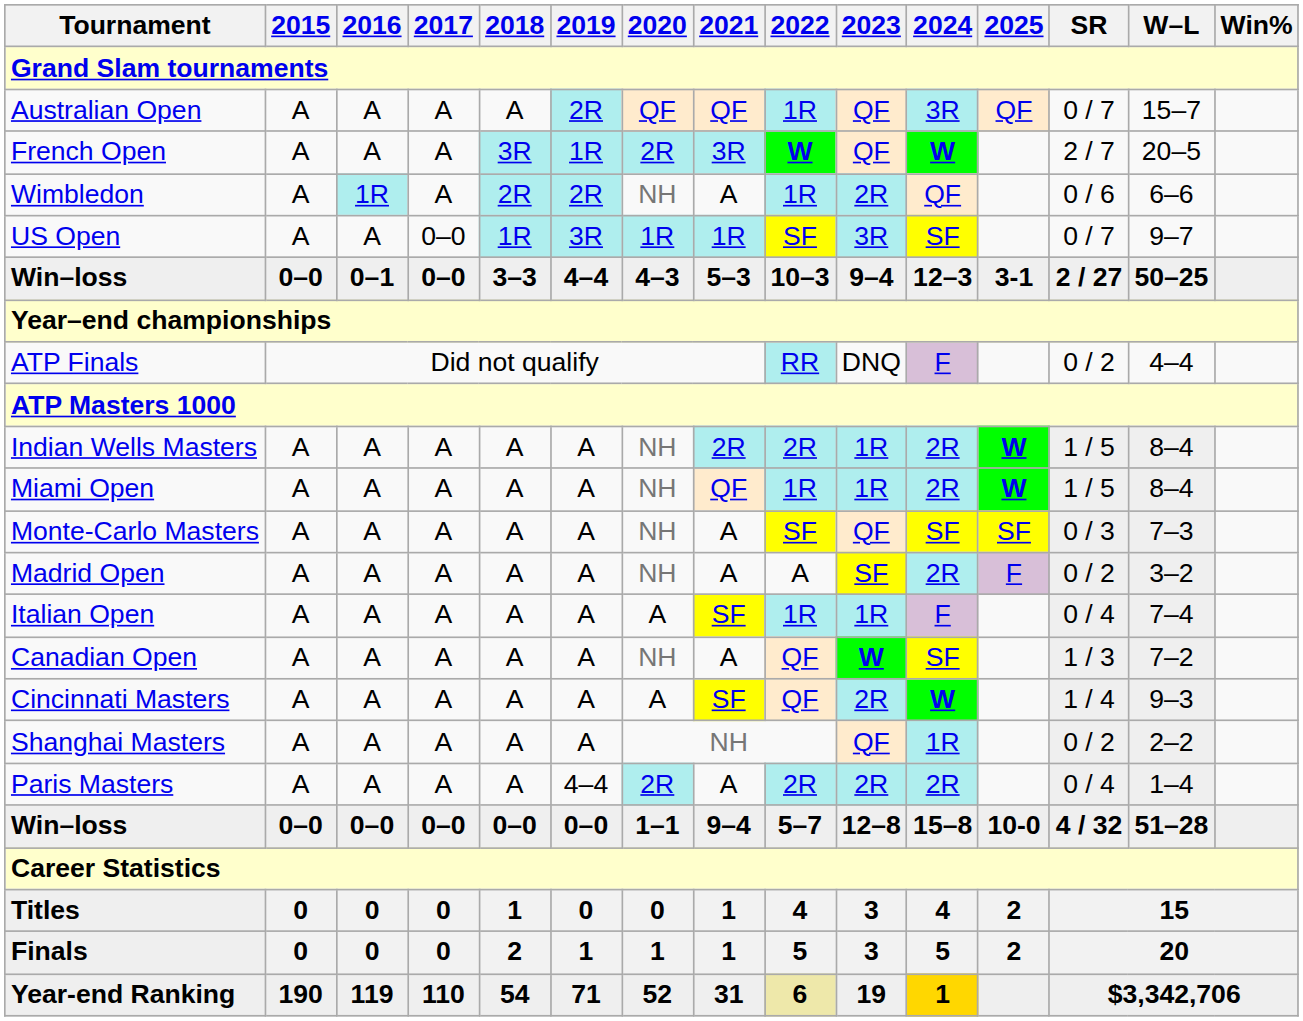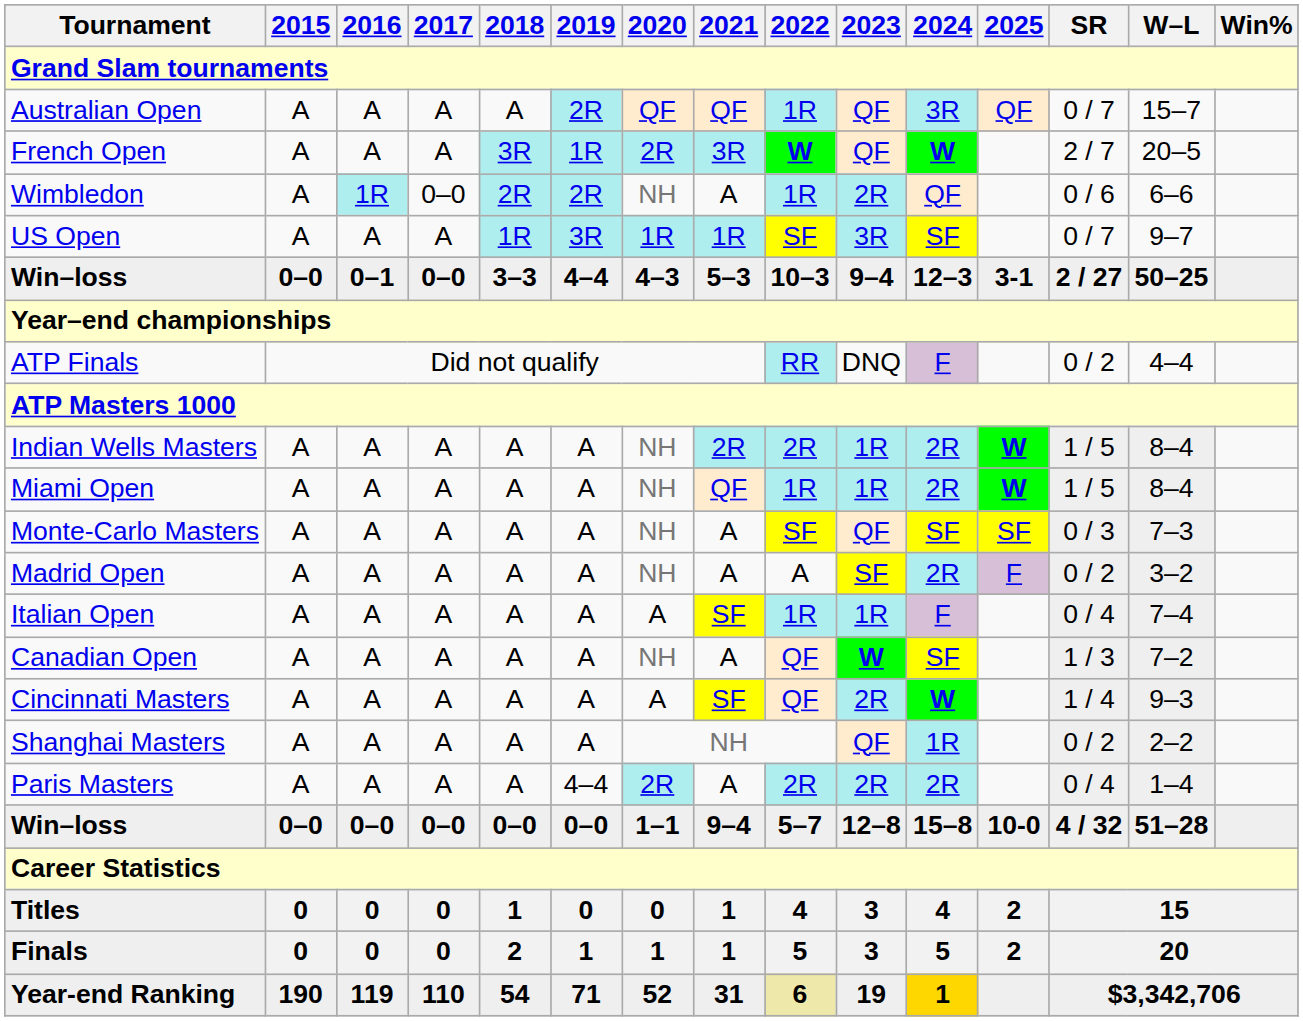 <table class=wikitable style=text-align:center;>
 <tr>
 <th>Tournament</th>
 <th><a href='#'>2015</a></th>
 <th><a href='#'>2016</a></th>
 <th><a href='#'>2017</a></th>
 <th><a href='#'>2018</a></th>
 <th><a href='#'>2019</a></th>
 <th><a href='#'>2020</a></th>
 <th><a href='#'>2021</a></th>
 <th><a href='#'>2022</a></th>
 <th><a href='#'>2023</a></th>
 <th><a href='#'>2024</a></th>
 <th><a href='#'>2025</a></th>
 <th>SR</th>
 <th>W–L</th>
 <th>Win%</th>
 </tr>
 <tr style="background:#ffffcc">
 <td colspan="15" style="text-align:left;"><a href='#'><strong>Grand Slam tournaments</strong></a></td>
 </tr>
 <tr>
 <td align=left><a href='#'>Australian Open</a></td>
 <td>A</td>
 <td>A</td>
 <td>A</td>
 <td>A</td>
 <td style="background:#afeeee;"><a href='#'>2R</a></td>
 <td bgcolor=ffebcd><a href='#'>QF</a></td>
 <td bgcolor=ffebcd><a href='#'>QF</a></td>
 <td bgcolor=afeeee><a href='#'>1R</a></td>
 <td bgcolor=ffebcd><a href='#'>QF</a></td>
 <td bgcolor=afeeee><a href='#'>3R</a></td>
 <td bgcolor=ffebcd><a href='#'>QF</a></td>
 <td>0 / 7</td>
 <td>15–7</td>
 <td></td>
 </tr>
 <tr>
 <td align=left><a href='#'>French Open</a></td>
 <td>A</td>
 <td>A</td>
 <td>A</td>
 <td style="background:#afeeee;"><a href='#'>3R</a></td>
 <td style="background:#afeeee;"><a href='#'>1R</a></td>
 <td style="background:#afeeee;"><a href='#'>2R</a></td>
 <td style="background:#afeeee;"><a href='#'>3R</a></td>
 <td bgcolor=lime><a href='#'><strong>W</strong></a></td>
 <td bgcolor=ffebcd><a href='#'>QF</a></td>
 <td bgcolor=lime><a href='#'><strong>W</strong></a></td>
 <td></td>
 <td>2 / 7</td>
 <td>20–5</td>
 <td></td>
 </tr>
 <tr>
 <td align=left><a href='#'>Wimbledon</a></td>
 <td>A</td>
 <td style="background:#afeeee;"><a href='#'>1R</a></td>
-<td>A</td>
+<td>0–0</td>
 <td style="background:#afeeee;"><a href='#'>2R</a></td>
 <td style="background:#afeeee;"><a href='#'>2R</a></td>
 <td style="color:#767676;">NH</td>
 <td>A</td>
 <td bgcolor=afeeee><a href='#'>1R</a></td>
 <td bgcolor=afeeee><a href='#'>2R</a></td>
 <td bgcolor=ffebcd><a href='#'>QF</a></td>
 <td></td>
 <td>0 / 6</td>
 <td>6–6</td>
 <td></td>
 </tr>
 <tr>
 <td align=left><a href='#'>US Open</a></td>
 <td>A</td>
 <td>A</td>
-<td>0–0</td>
+<td>A</td>
 <td style="background:#afeeee;"><a href='#'>1R</a></td>
 <td style="background:#afeeee;"><a href='#'>3R</a></td>
 <td style="background:#afeeee;"><a href='#'>1R</a></td>
 <td style="background:#afeeee;"><a href='#'>1R</a></td>
 <td style="background:yellow"><a href='#'>SF</a></td>
 <td style="background:#afeeee;"><a href='#'>3R</a></td>
 <td style="background:yellow"><a href='#'>SF</a></td>
 <td></td>
 <td>0 / 7</td>
 <td>9–7</td>
 <td></td>
 </tr>
 <tr style="font-weight:bold; background:#efefef;">
 <td style=text-align:left>Win–loss</td>
 <td>0–0</td>
 <td>0–1</td>
 <td>0–0</td>
 <td>3–3</td>
 <td>4–4</td>
 <td>4–3</td>
 <td>5–3</td>
 <td>10–3</td>
 <td>9–4</td>
 <td>12–3</td>
 <td>3-1</td>
 <td>2 / 27</td>
 <td>50–25</td>
 <td></td>
 </tr>
 <tr style="background:#ffffcc">
 <td colspan="15" style="text-align:left;"><strong>Year–end championships</strong></td>
 </tr>
 <tr>
 <td align=left><a href='#'>ATP Finals</a></td>
 <td colspan=7>Did not qualify</td>
 <td bgcolor=afeeee><a href='#'>RR</a></td>
 <td>DNQ</td>
 <td bgcolor=thistle><a href='#'>F</a></td>
 <td></td>
 <td>0 / 2</td>
 <td>4–4</td>
 <td></td>
 </tr>
 <tr style="background:#ffffcc">
 <td colspan="15" style="text-align:left;"><strong><a href='#'>ATP Masters 1000</a></strong></td>
 </tr>
 <tr>
 <td align="left"><a href='#'>Indian Wells Masters</a></td>
 <td>A</td>
 <td>A</td>
 <td>A</td>
 <td>A</td>
 <td>A</td>
 <td style="color:#767676">NH</td>
 <td bgcolor="afeeee"><a href='#'>2R</a></td>
 <td bgcolor="afeeee"><a href='#'>2R</a></td>
 <td bgcolor="afeeee"><a href='#'>1R</a></td>
 <td bgcolor="afeeee"><a href='#'>2R</a></td>
 <td bgcolor="lime"><a href='#'><strong>W</strong></a></td>
 <td style="background:#efefef;">1 / 5</td>
 <td style="background:#efefef;">8–4</td>
 <td></td>
 </tr>
 <tr>
 <td align="left"><a href='#'>Miami Open</a></td>
 <td>A</td>
 <td>A</td>
 <td>A</td>
 <td>A</td>
 <td>A</td>
 <td style="color:#767676;">NH</td>
 <td bgcolor="ffebcd"><a href='#'>QF</a></td>
 <td bgcolor="afeeee"><a href='#'>1R</a></td>
 <td bgcolor=afeeee><a href='#'>1R</a></td>
 <td bgcolor=afeeee><a href='#'>2R</a></td>
 <td bgcolor="lime"><a href='#'><strong>W</strong></a></td>
 <td style="background:#efefef;">1 / 5</td>
 <td style="background:#efefef;">8–4</td>
 <td></td>
 </tr>
 <tr>
 <td align="left"><a href='#'>Monte-Carlo Masters</a></td>
 <td>A</td>
 <td>A</td>
 <td>A</td>
 <td>A</td>
 <td>A</td>
 <td style="color:#767676;">NH</td>
 <td>A</td>
 <td bgcolor="yellow"><a href='#'>SF</a></td>
 <td bgcolor=ffebcd><a href='#'>QF</a></td>
 <td bgcolor=yellow><a href='#'>SF</a></td>
 <td bgcolor=yellow><a href='#'>SF</a></td>
 <td style="background:#efefef;">0 / 3</td>
 <td style="background:#efefef;">7–3</td>
 <td></td>
 </tr>
 <tr>
 <td align="left"><a href='#'>Madrid Open</a></td>
 <td>A</td>
 <td>A</td>
 <td>A</td>
 <td>A</td>
 <td>A</td>
 <td style="color:#767676;">NH</td>
 <td>A</td>
 <td>A</td>
 <td bgcolor=yellow><a href='#'>SF</a></td>
 <td bgcolor=afeeee><a href='#'>2R</a></td>
 <td bgcolor=thistle><a href='#'>F</a></td>
 <td style="background:#efefef;">0 / 2</td>
 <td style="background:#efefef;">3–2</td>
 <td></td>
 </tr>
 <tr>
 <td align="left"><a href='#'>Italian Open</a></td>
 <td>A</td>
 <td>A</td>
 <td>A</td>
 <td>A</td>
 <td>A</td>
 <td>A</td>
 <td bgcolor="yellow"><a href='#'>SF</a></td>
 <td bgcolor="afeeee"><a href='#'>1R</a></td>
 <td bgcolor=afeeee><a href='#'>1R</a></td>
 <td bgcolor=thistle><a href='#'>F</a></td>
 <td></td>
 <td style="background:#efefef;">0 / 4</td>
 <td style="background:#efefef;">7–4</td>
 <td></td>
 </tr>
 <tr>
 <td align="left"><a href='#'>Canadian Open</a></td>
 <td>A</td>
 <td>A</td>
 <td>A</td>
 <td>A</td>
 <td>A</td>
 <td style="color:#767676;">NH</td>
 <td>A</td>
 <td bgcolor=ffebcd><a href='#'>QF</a></td>
 <td bgcolor=lime><a href='#'><strong>W</strong></a></td>
 <td bgcolor=yellow><a href='#'>SF</a></td>
 <td></td>
 <td style="background:#efefef;">1 / 3</td>
 <td style="background:#efefef;">7–2</td>
 <td></td>
 </tr>
 <tr>
 <td align="left"><a href='#'>Cincinnati Masters</a></td>
 <td>A</td>
 <td>A</td>
 <td>A</td>
 <td>A</td>
 <td>A</td>
 <td>A</td>
 <td bgcolor="yellow"><a href='#'>SF</a></td>
 <td bgcolor=ffebcd><a href='#'>QF</a></td>
 <td bgcolor=afeeee><a href='#'>2R</a></td>
 <td bgcolor=lime><a href='#'><strong>W</strong></a></td>
 <td></td>
 <td style="background:#efefef;">1 / 4</td>
 <td style="background:#efefef;">9–3</td>
 <td></td>
 </tr>
 <tr>
 <td align="left"><a href='#'>Shanghai Masters</a></td>
 <td>A</td>
 <td>A</td>
 <td>A</td>
 <td>A</td>
 <td>A</td>
 <td colspan= "3" style="color:#767676;">NH</td>
 <td bgcolor=ffebcd><a href='#'>QF</a></td>
 <td bgcolor=afeeee><a href='#'>1R</a></td>
 <td></td>
 <td style="background:#efefef;">0 / 2</td>
 <td style="background:#efefef;">2–2</td>
 <td></td>
 </tr>
 <tr>
 <td align="left"><a href='#'>Paris Masters</a></td>
 <td>A</td>
 <td>A</td>
 <td>A</td>
 <td>A</td>
 <td>4–4</td>
 <td style="background:#afeeee;"><a href='#'>2R</a></td>
 <td>A</td>
 <td style="background:#afeeee;"><a href='#'>2R</a></td>
 <td style="background:#afeeee;"><a href='#'>2R</a></td>
 <td style="background:#afeeee;"><a href='#'>2R</a></td>
 <td></td>
 <td style="background:#efefef;">0 / 4</td>
 <td style="background:#efefef;">1–4</td>
 <td></td>
 </tr>
 <tr style="font-weight:bold; background:#efefef;">
 <td style="text-align:left">Win–loss</td>
 <td>0–0</td>
 <td>0–0</td>
 <td>0–0</td>
 <td>0–0</td>
 <td>0–0</td>
 <td>1–1</td>
 <td>9–4</td>
 <td>5–7</td>
 <td>12–8</td>
 <td>15–8</td>
 <td>10-0</td>
 <td>4 / 32</td>
 <td>51–28</td>
 <td></td>
 </tr>
 <tr style="background:#ffffcc">
 <td colspan="15" style="text-align:left;"><strong>Career Statistics</strong></td>
 </tr>
 <tr>
 <td bgcolor=efefef align=left><strong>Titles</strong></td>
 <th>0</th>
 <th>0</th>
 <th>0</th>
 <th>1</th>
 <th>0</th>
 <th>0</th>
 <th>1</th>
 <th>4</th>
 <th>3</th>
 <th>4</th>
 <th>2</th>
 <th colspan=3>15</th>
 </tr>
 <tr>
 <td bgcolor=efefef align=left><strong>Finals</strong></td>
 <th>0</th>
 <th>0</th>
 <th>0</th>
 <th>2</th>
 <th>1</th>
 <th>1</th>
 <th>1</th>
 <th>5</th>
 <th>3</th>
 <th>5</th>
 <th>2</th>
 <th colspan=3>20</th>
 </tr>
 <tr style="font-weight:bold; background:#efefef;">
 <td style="text-align:left">Year-end Ranking</td>
 <td>190</td>
 <td>119</td>
 <td>110</td>
 <td>54</td>
 <td>71</td>
 <td>52</td>
 <td>31</td>
 <td bgcolor="eee8aa">6</td>
 <td>19</td>
 <td bgcolor="gold">1</td>
 <td></td>
 <td colspan =3>$3,342,706</td>
 </tr>
 </table>
